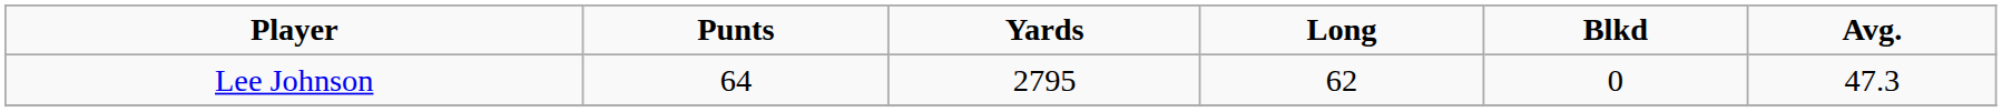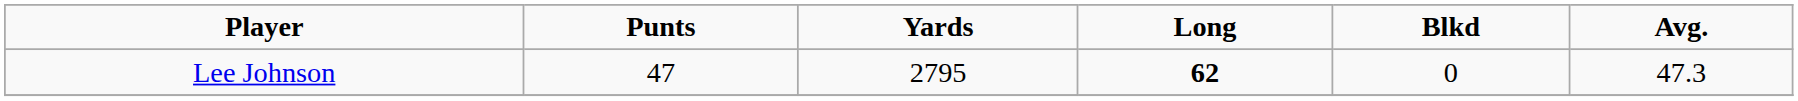 <table class="wikitable" width="80%">
 <tr align="center">
 <td><strong>Player</strong></td>
 <td><strong>Punts</strong></td>
 <td><strong>Yards</strong></td>
 <td><strong>Long</strong></td>
 <td><strong>Blkd</strong></td>
 <td><strong>Avg.</strong></td>
 </tr>
 <tr align="center" bgcolor="">
 <td><a href='#'>Lee Johnson</a></td>
-<td>64</td>
+<td>47</td>
 <td>2795</td>
-<td>62</td>
+<td><strong>62</strong></td>
 <td>0</td>
 <td>47.3</td>
 </tr>
 <tr align="center" bgcolor="">
 </tr>
 </table>
